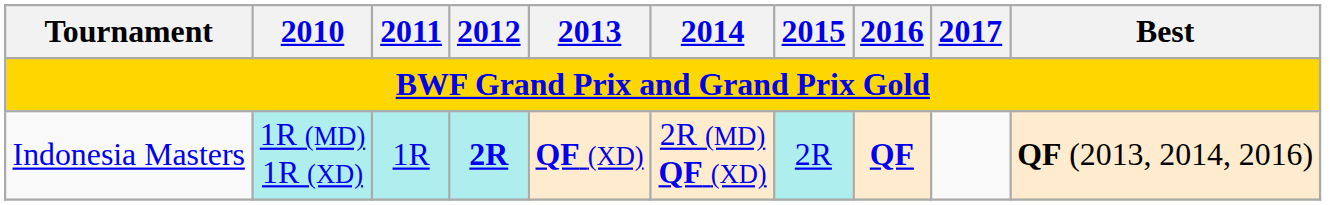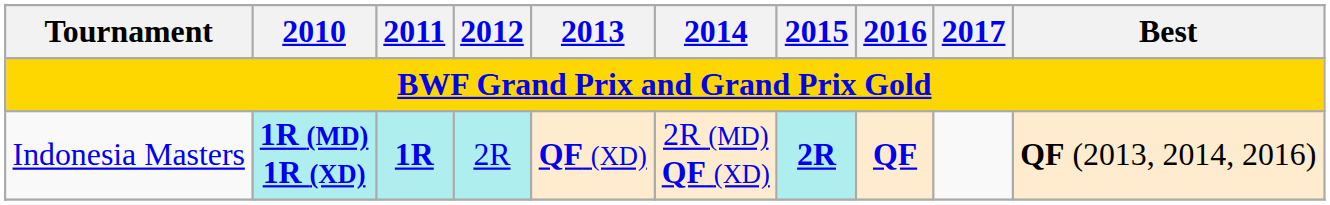 <table style='font-size: 90%; text-align:center;' class='wikitable'>
 <tr>
 <th>Tournament</th>
 <th><a href='#'>2010</a></th>
 <th><a href='#'>2011</a></th>
 <th><a href='#'>2012</a></th>
 <th><a href='#'>2013</a></th>
 <th><a href='#'>2014</a></th>
 <th><a href='#'>2015</a></th>
 <th><a href='#'>2016</a></th>
 <th><a href='#'>2017</a></th>
 <th>Best</th>
 </tr>
 <tr bgcolor=FFD700>
 <td colspan="10" align=center><strong><a href='#'>BWF Grand Prix and Grand Prix Gold</a></strong></td>
 </tr>
 <tr>
 <td align=left><a href='#'>Indonesia Masters</a></td>
-<td bgcolor=AFEEEE><a href='#'>1R <small>(MD)</small></a> <br> <a href='#'>1R <small>(XD)</small></a></td>
-<td bgcolor=AFEEEE><a href='#'>1R</a></td>
-<td bgcolor=AFEEEE><strong><a href='#'>2R</a></strong></td>
+<td bgcolor=AFEEEE><strong><a href='#'>1R <small>(MD)</small></a> <br> <a href='#'>1R <small>(XD)</small></a></strong></td>
+<td bgcolor=AFEEEE><strong><a href='#'>1R</a></strong></td>
+<td bgcolor=AFEEEE><a href='#'>2R</a></td>
 <td bgcolor=FFEBCD><a href='#'><strong>QF</strong> <small>(XD)</small></a></td>
 <td bgcolor=FFEBCD><a href='#'>2R <small>(MD)</small></a><br><a href='#'><strong>QF</strong> <small>(XD)</small></a></td>
-<td bgcolor=AFEEEE><a href='#'>2R</a></td>
+<td bgcolor=AFEEEE><strong><a href='#'>2R</a></strong></td>
 <td bgcolor=FFEBCD><a href='#'><strong>QF</strong></a></td>
 <td></td>
 <td bgcolor=FFEBCD><strong>QF</strong> (2013, 2014, 2016)</td>
 </tr>
 </table>
